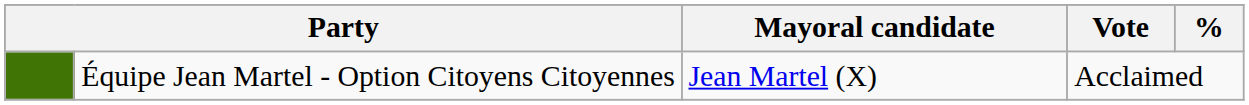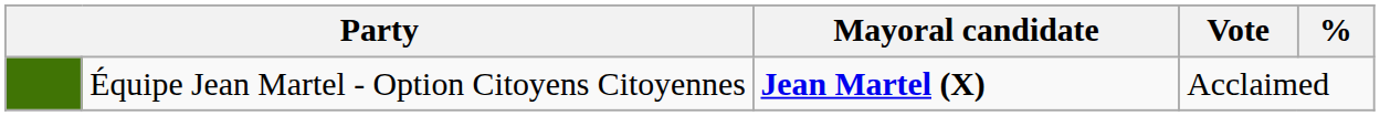 <table class="wikitable">
 <tr>
 <th bgcolor="#DDDDFF" width="230px" colspan="2">Party</th>
 <th bgcolor="#DDDDFF" width="200px">Mayoral candidate</th>
 <th bgcolor="#DDDDFF" width="50px">Vote</th>
 <th bgcolor="#DDDDFF" width="30px">%</th>
 </tr>
 <tr>
 <td bgcolor=#407405 width="30px"> </td>
 <td>Équipe Jean Martel - Option Citoyens Citoyennes</td>
-<td><a href='#'>Jean Martel</a> (X)</td>
+<td><strong><a href='#'>Jean Martel</a> (X)</strong></td>
 <td colspan="2">Acclaimed</td>
 </tr>
 </table>
